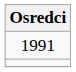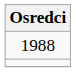 <table class="wikitable" style="margin: 0.5em auto; text-align: center;">
 <tr>
 <th colspan="1">Osredci</th>
 </tr>
 <tr>
-<td>1991</td>
+<td>1988</td>
 </tr>
 <tr>
 <td></td>
 </tr>
 <tr>
 </tr>
 </table>
